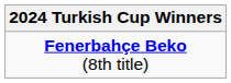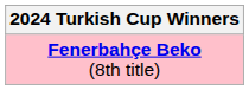 <table class=wikitable style="text-align:center; margin:auto">
 <tr>
 <th>2024 Turkish Cup Winners</th>
 </tr>
 <tr>
-<td><strong><a href='#'>Fenerbahçe Beko</a></strong><br>(8th title)</td>
+<td style="background: pink;"><strong><a href='#'>Fenerbahçe Beko</a></strong><br>(8th title)</td>
 </tr>
 </table>
